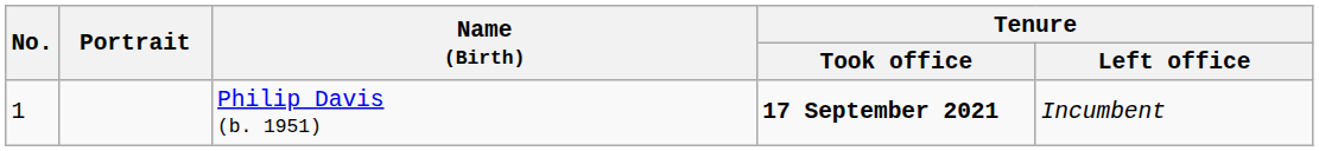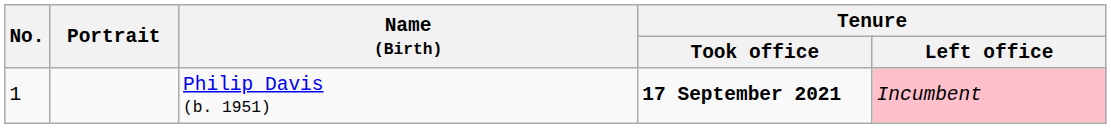 <table class="wikitable">
 <tr>
 <th scope="col" style="width:20px;" rowspan="2">No.</th>
 <th scope="col" style="width:80px;" rowspan="2">Portrait</th>
 <th scope="col" style="width:300px;" rowspan="2">Name<br><small>(Birth)</small></th>
 <th scope="col" style="width:300px;" colspan="2">Tenure</th>
 </tr>
 <tr>
 <th scope="col" style="width:150px;">Took office</th>
 <th scope="col" style="width:150px;">Left office</th>
 </tr>
 <tr>
 <td>1</td>
 <td style="text-align: center;"></td>
 <td><a href='#'>Philip Davis</a><br><small>(b. 1951)</small></td>
 <td><strong>17 September 2021</strong></td>
-<td><em>Incumbent</em></td>
+<td style="background: pink;"><em>Incumbent</em></td>
 </tr>
 </table>
